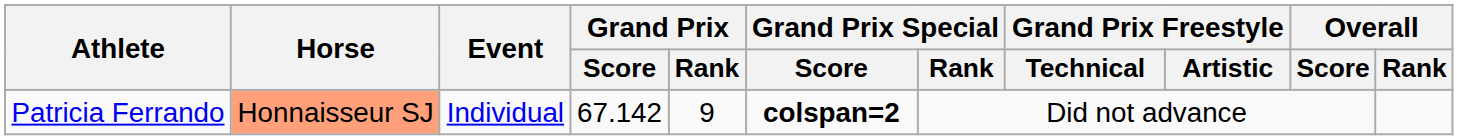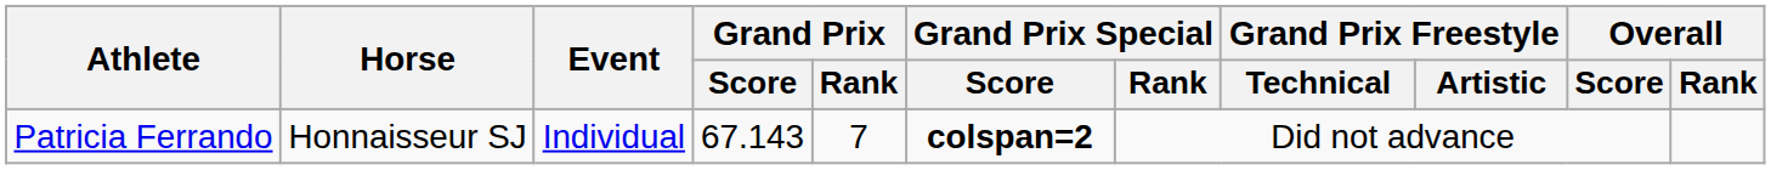 <table class=wikitable style="font-size:90%; text-align:center;">
 <tr>
 <th rowspan=2>Athlete</th>
 <th rowspan=2>Horse</th>
 <th rowspan=2>Event</th>
 <th colspan=2>Grand Prix</th>
 <th colspan=2>Grand Prix Special</th>
 <th colspan=2>Grand Prix Freestyle</th>
 <th colspan=2>Overall</th>
 </tr>
 <tr style=font-size:95%>
 <th>Score</th>
 <th>Rank</th>
 <th>Score</th>
 <th>Rank</th>
 <th>Technical</th>
 <th>Artistic</th>
 <th>Score</th>
 <th>Rank</th>
 </tr>
 <tr>
 <td align=left><a href='#'>Patricia Ferrando</a></td>
-<td align=left style="background: lightsalmon;">Honnaisseur SJ</td>
+<td align=left>Honnaisseur SJ</td>
 <td rowspan=3 align=left><a href='#'>Individual</a></td>
-<td>67.142</td>
-<td>9</td>
+<td>67.143</td>
+<td>7</td>
 <td><strong>colspan=2 </strong></td>
 <td colspan=4>Did not advance</td>
 </tr>
 </table>
